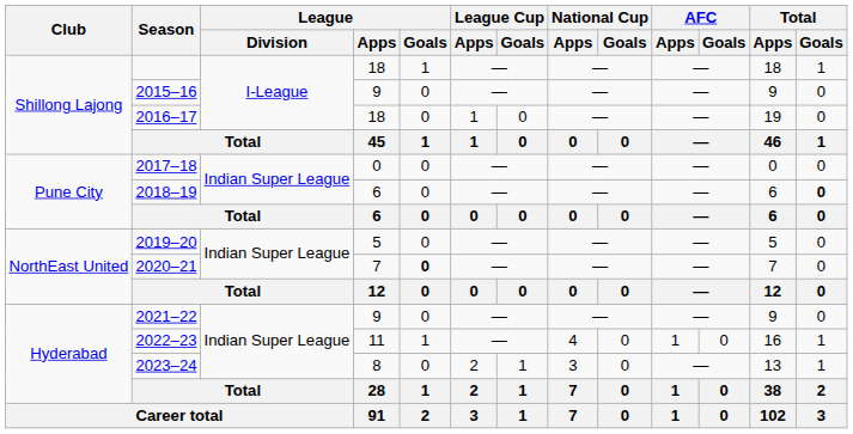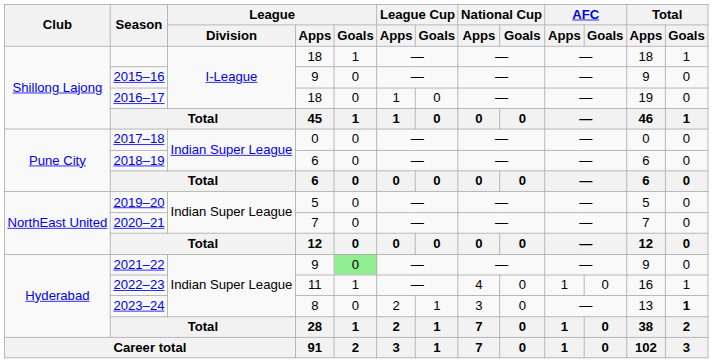 <table class="wikitable" style="text-align: center;">
 <tr>
 <th rowspan="2">Club</th>
 <th rowspan="2">Season</th>
 <th colspan="3">League</th>
 <th colspan="2">League Cup</th>
 <th colspan="2">National Cup</th>
 <th colspan="2"><a href='#'>AFC</a></th>
 <th colspan="2">Total</th>
 </tr>
 <tr>
 <th>Division</th>
 <th>Apps</th>
 <th>Goals</th>
 <th>Apps</th>
 <th>Goals</th>
 <th>Apps</th>
 <th>Goals</th>
 <th>Apps</th>
 <th>Goals</th>
 <th>Apps</th>
 <th>Goals</th>
 </tr>
 <tr>
 <td rowspan="4"><a href='#'>Shillong Lajong</a></td>
 <td></td>
 <td rowspan="3"><a href='#'>I-League</a></td>
 <td>18</td>
 <td>1</td>
 <td colspan="2">—</td>
 <td colspan="2">—</td>
 <td colspan="2">—</td>
 <td>18</td>
 <td>1</td>
 </tr>
 <tr>
 <td><a href='#'>2015–16</a></td>
 <td>9</td>
 <td>0</td>
 <td colspan="2">—</td>
 <td colspan="2">—</td>
 <td colspan="2">—</td>
 <td>9</td>
 <td>0</td>
 </tr>
 <tr>
 <td><a href='#'>2016–17</a></td>
 <td>18</td>
 <td>0</td>
 <td>1</td>
 <td>0</td>
 <td colspan="2">—</td>
 <td colspan="2">—</td>
 <td>19</td>
 <td>0</td>
 </tr>
 <tr>
 <th colspan="2">Total</th>
 <th>45</th>
 <th>1</th>
 <th>1</th>
 <th>0</th>
 <th>0</th>
 <th>0</th>
 <th colspan="2">—</th>
 <th>46</th>
 <th>1</th>
 </tr>
 <tr>
 <td rowspan="3"><a href='#'>Pune City</a></td>
 <td><a href='#'>2017–18</a></td>
 <td rowspan="2"><a href='#'>Indian Super League</a></td>
 <td>0</td>
 <td>0</td>
 <td colspan="2">—</td>
 <td colspan="2">—</td>
 <td colspan="2">—</td>
 <td>0</td>
 <td>0</td>
 </tr>
 <tr>
 <td><a href='#'>2018–19</a></td>
 <td>6</td>
 <td>0</td>
 <td colspan="2">—</td>
 <td colspan="2">—</td>
 <td colspan="2">—</td>
 <td>6</td>
-<td><strong>0</strong></td>
+<td>0</td>
 </tr>
 <tr>
 <th colspan="2">Total</th>
 <th>6</th>
 <th>0</th>
 <th>0</th>
 <th>0</th>
 <th>0</th>
 <th>0</th>
 <th colspan="2">—</th>
 <th>6</th>
 <th>0</th>
 </tr>
 <tr>
 <td rowspan="3"><a href='#'>NorthEast United</a></td>
 <td><a href='#'>2019–20</a></td>
 <td rowspan="2">Indian Super League</td>
 <td>5</td>
 <td>0</td>
 <td colspan="2">—</td>
 <td colspan="2">—</td>
 <td colspan="2">—</td>
 <td>5</td>
 <td>0</td>
 </tr>
 <tr>
 <td><a href='#'>2020–21</a></td>
 <td>7</td>
-<td><strong>0</strong></td>
+<td>0</td>
 <td colspan="2">—</td>
 <td colspan="2">—</td>
 <td colspan="2">—</td>
 <td>7</td>
 <td>0</td>
 </tr>
 <tr>
 <th colspan="2">Total</th>
 <th>12</th>
 <th>0</th>
 <th>0</th>
 <th>0</th>
 <th>0</th>
 <th>0</th>
 <th colspan="2">—</th>
 <th>12</th>
 <th>0</th>
 </tr>
 <tr>
 <td rowspan="4"><a href='#'>Hyderabad</a></td>
 <td><a href='#'>2021–22</a></td>
 <td rowspan="3">Indian Super League</td>
 <td>9</td>
-<td>0</td>
+<td style="background: lightgreen;">0</td>
 <td colspan="2">—</td>
 <td colspan="2">—</td>
 <td colspan="2">—</td>
 <td>9</td>
 <td>0</td>
 </tr>
 <tr>
 <td><a href='#'>2022–23</a></td>
 <td>11</td>
 <td>1</td>
 <td colspan="2">—</td>
 <td>4</td>
 <td>0</td>
 <td>1</td>
 <td>0</td>
 <td>16</td>
 <td>1</td>
 </tr>
 <tr>
 <td><a href='#'>2023–24</a></td>
 <td>8</td>
 <td>0</td>
 <td>2</td>
 <td>1</td>
 <td>3</td>
 <td>0</td>
 <td colspan="2">—</td>
 <td>13</td>
-<td>1</td>
+<td><strong>1</strong></td>
 </tr>
 <tr>
 <th colspan="2">Total</th>
 <th>28</th>
 <th>1</th>
 <th>2</th>
 <th>1</th>
 <th>7</th>
 <th>0</th>
 <th>1</th>
 <th>0</th>
 <th>38</th>
 <th>2</th>
 </tr>
 <tr>
 <th colspan="3">Career total</th>
 <th>91</th>
 <th>2</th>
 <th>3</th>
 <th>1</th>
 <th>7</th>
 <th>0</th>
 <th>1</th>
 <th>0</th>
 <th>102</th>
 <th>3</th>
 </tr>
 </table>
